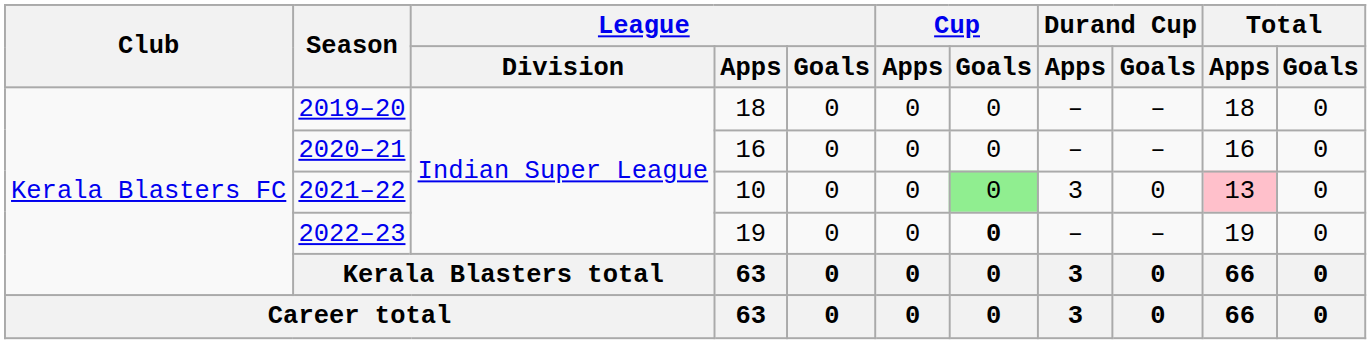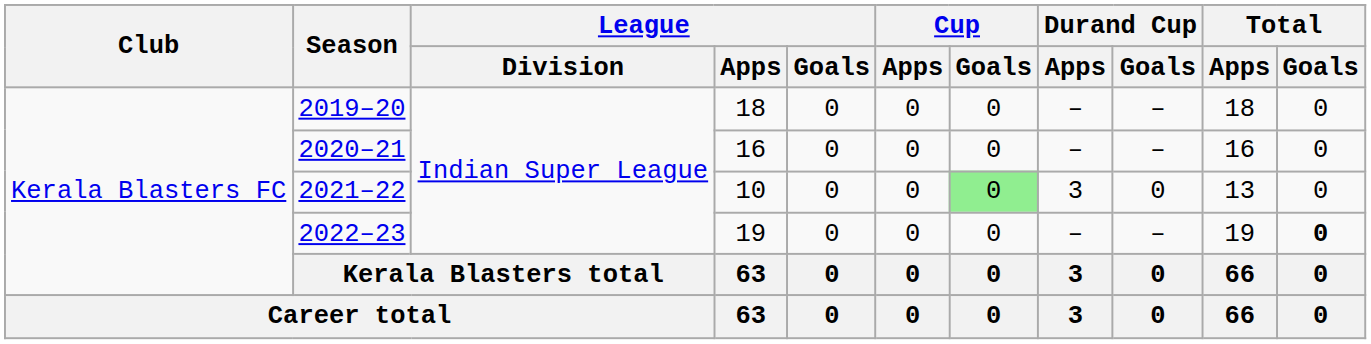 <table class="wikitable" style="text-align: center;">
 <tr>
 <th rowspan="2">Club</th>
 <th rowspan="2">Season</th>
 <th colspan="3"><a href='#'>League</a></th>
 <th colspan="2"><a href='#'>Cup</a></th>
 <th colspan="2">Durand Cup</th>
 <th colspan="2">Total</th>
 </tr>
 <tr>
 <th>Division</th>
 <th>Apps</th>
 <th>Goals</th>
 <th>Apps</th>
 <th>Goals</th>
 <th>Apps</th>
 <th>Goals</th>
 <th>Apps</th>
 <th>Goals</th>
 </tr>
 <tr>
 <td rowspan="5"><a href='#'>Kerala Blasters FC</a></td>
 <td><a href='#'>2019–20</a></td>
 <td rowspan="4"><a href='#'>Indian Super League</a></td>
 <td>18</td>
 <td>0</td>
 <td>0</td>
 <td>0</td>
 <td>–</td>
 <td>–</td>
 <td>18</td>
 <td>0</td>
 </tr>
 <tr>
 <td><a href='#'>2020–21</a></td>
 <td>16</td>
 <td>0</td>
 <td>0</td>
 <td>0</td>
 <td>–</td>
 <td>–</td>
 <td>16</td>
 <td>0</td>
 </tr>
 <tr>
 <td><a href='#'>2021–22</a></td>
 <td>10</td>
 <td>0</td>
 <td>0</td>
 <td style="background: lightgreen;">0</td>
 <td>3</td>
 <td>0</td>
-<td style="background: pink;">13</td>
+<td>13</td>
 <td>0</td>
 </tr>
 <tr>
 <td><a href='#'>2022–23</a></td>
 <td>19</td>
 <td>0</td>
 <td>0</td>
-<td><strong>0</strong></td>
+<td>0</td>
 <td>–</td>
 <td>–</td>
 <td>19</td>
-<td>0</td>
+<td><strong>0</strong></td>
 </tr>
 <tr>
 <th colspan="2">Kerala Blasters total</th>
 <th>63</th>
 <th>0</th>
 <th>0</th>
 <th>0</th>
 <th>3</th>
 <th>0</th>
 <th>66</th>
 <th>0</th>
 </tr>
 <tr>
 <th colspan="3">Career total</th>
 <th>63</th>
 <th>0</th>
 <th>0</th>
 <th>0</th>
 <th>3</th>
 <th>0</th>
 <th>66</th>
 <th>0</th>
 </tr>
 </table>
